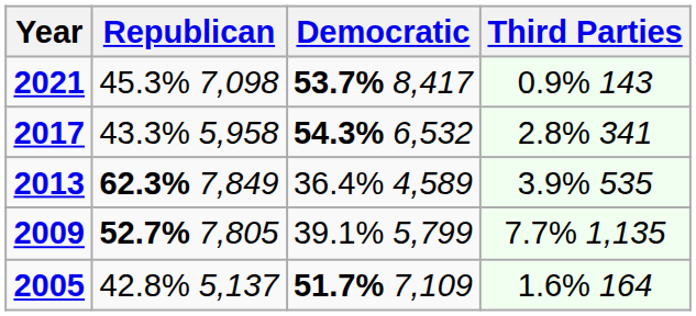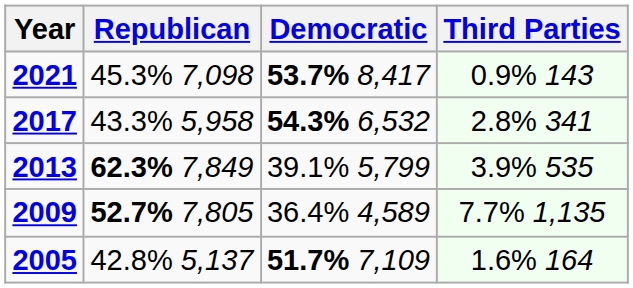 <table class="wikitable" style="float:right; font-size:95%;">
 <tr bgcolor=lightgrey>
 <th>Year</th>
 <th><a href='#'>Republican</a></th>
 <th><a href='#'>Democratic</a></th>
 <th><a href='#'>Third Parties</a></th>
 </tr>
 <tr>
 <td style="text-align:center; "><strong><a href='#'>2021</a></strong></td>
 <td style="text-align:center; ">45.3% <em>7,098</em></td>
 <td style="text-align:center; "><strong>53.7%</strong>  <em>8,417</em></td>
 <td style="text-align:center; background:honeyDew;">0.9% <em>143</em></td>
 </tr>
 <tr>
 <td style="text-align:center; "><strong><a href='#'>2017</a></strong></td>
 <td style="text-align:center; ">43.3% <em>5,958</em></td>
 <td style="text-align:center; "><strong>54.3%</strong>  <em>6,532</em></td>
 <td style="text-align:center; background:honeyDew;">2.8% <em>341</em></td>
 </tr>
 <tr>
 <td style="text-align:center; "><strong><a href='#'>2013</a></strong></td>
 <td style="text-align:center; "><strong>62.3%</strong> <em>7,849</em></td>
-<td style="text-align:center; ">36.4%  <em>4,589</em></td>
+<td style="text-align:center; ">39.1%  <em>5,799</em></td>
 <td style="text-align:center; background:honeyDew;">3.9% <em>535</em></td>
 </tr>
 <tr>
 <td style="text-align:center; "><strong><a href='#'>2009</a></strong></td>
 <td style="text-align:center; "><strong>52.7%</strong> <em>7,805</em></td>
-<td style="text-align:center; ">39.1%  <em>5,799</em></td>
+<td style="text-align:center; ">36.4%  <em>4,589</em></td>
 <td style="text-align:center; background:honeyDew;">7.7% <em>1,135</em></td>
 </tr>
 <tr>
 <td style="text-align:center; "><strong><a href='#'>2005</a></strong></td>
 <td style="text-align:center; ">42.8% <em>5,137</em></td>
 <td style="text-align:center; "><strong>51.7%</strong>  <em>7,109</em></td>
 <td style="text-align:center; background:honeyDew;">1.6% <em>164</em></td>
 </tr>
 </table>
